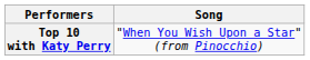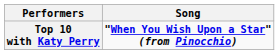 <table class="wikitable unsortable" style="text-align:center;">
 <tr>
 <th scope="col">Performers</th>
 <th scope="col">Song</th>
 </tr>
 <tr>
 <th scope="row">Top 10<br>with <a href='#'>Katy Perry</a></th>
-<td>"<a href='#'>When You Wish Upon a Star</a>"<br><em>(from <a href='#'>Pinocchio</a>)</em></td>
+<td><strong>"<a href='#'>When You Wish Upon a Star</a>"<br><em>(from <a href='#'>Pinocchio</a>)</em></strong></td>
 </tr>
 </table>
